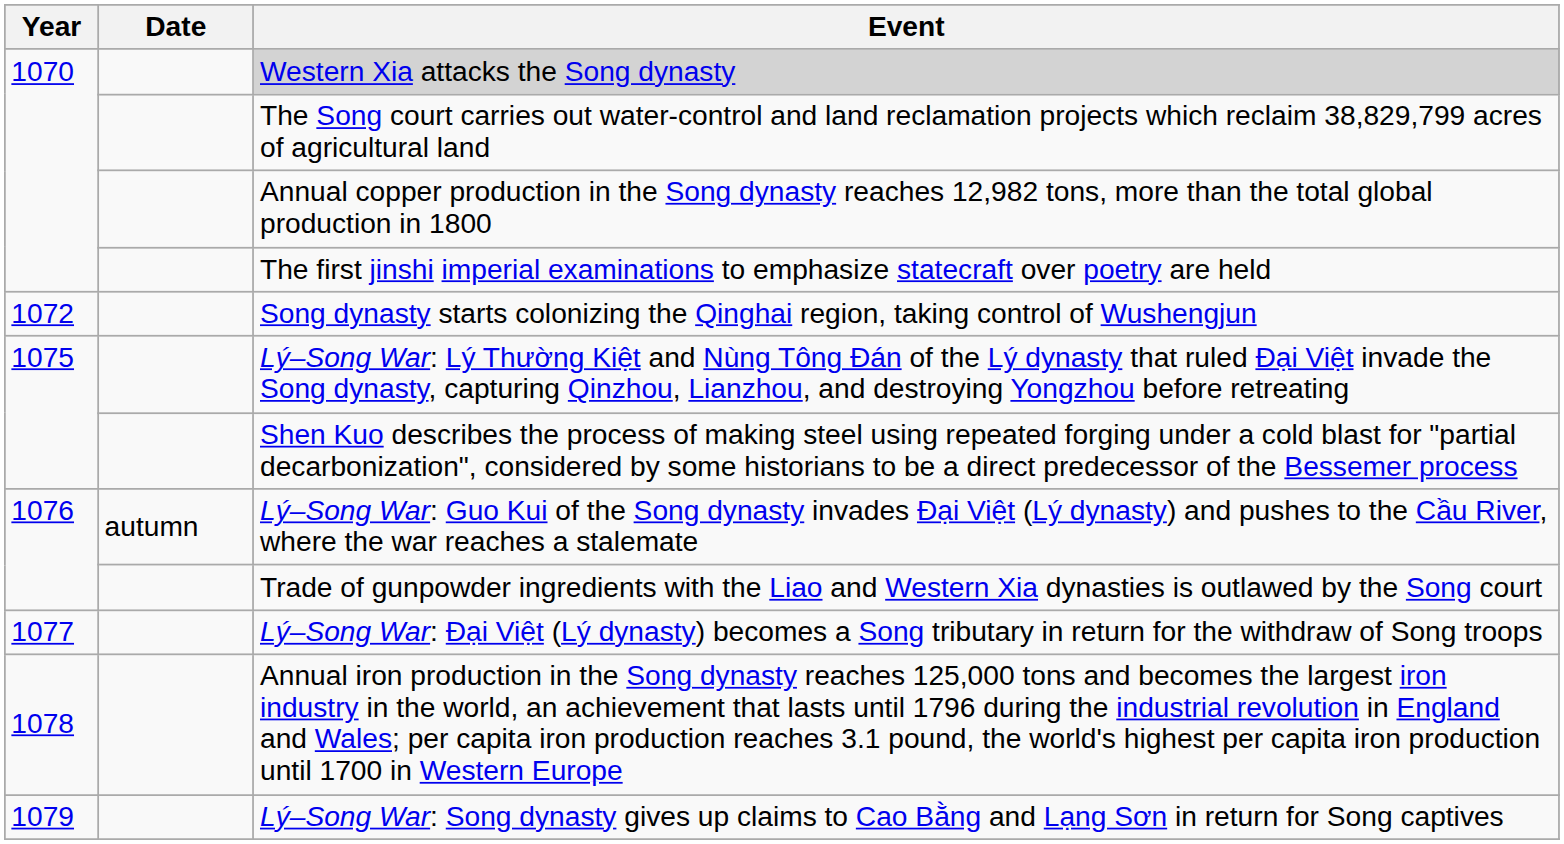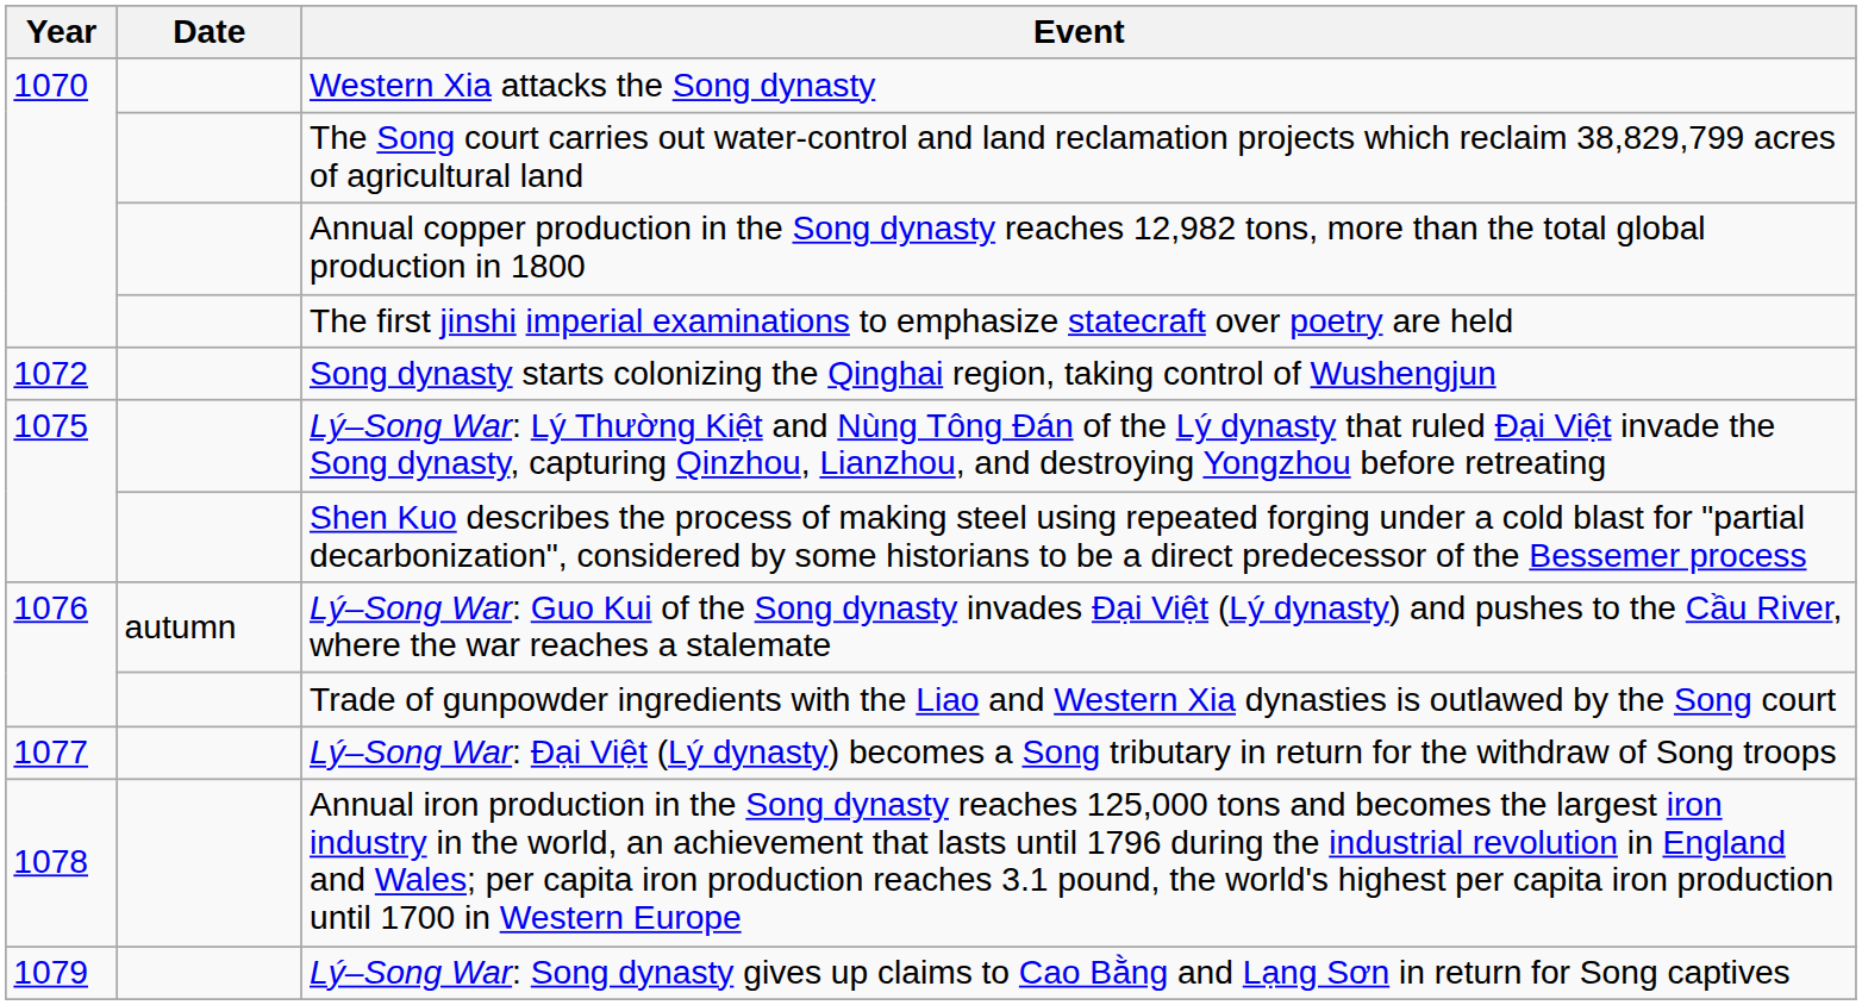 <table class="wikitable" width="100%">
 <tr>
 <th style="width:6%">Year</th>
 <th style="width:10%">Date</th>
 <th>Event</th>
 </tr>
 <tr>
 <td rowspan="4" valign="top"><a href='#'>1070</a></td>
 <td></td>
-<td style="background: lightgrey;"><a href='#'>Western Xia</a> attacks the <a href='#'>Song dynasty</a></td>
+<td><a href='#'>Western Xia</a> attacks the <a href='#'>Song dynasty</a></td>
 </tr>
 <tr>
 <td></td>
 <td>The <a href='#'>Song</a> court carries out water-control and land reclamation projects which reclaim 38,829,799 acres of agricultural land</td>
 </tr>
 <tr>
 <td></td>
 <td>Annual copper production in the <a href='#'>Song dynasty</a> reaches 12,982 tons, more than the total global production in 1800</td>
 </tr>
 <tr>
 <td></td>
 <td>The first <a href='#'>jinshi</a> <a href='#'>imperial examinations</a> to emphasize <a href='#'>statecraft</a> over <a href='#'>poetry</a> are held</td>
 </tr>
 <tr>
 <td><a href='#'>1072</a></td>
 <td></td>
 <td><a href='#'>Song dynasty</a> starts colonizing the <a href='#'>Qinghai</a> region, taking control of <a href='#'>Wushengjun</a></td>
 </tr>
 <tr>
 <td rowspan="2" valign="top"><a href='#'>1075</a></td>
 <td></td>
 <td><em><a href='#'>Lý–Song War</a></em>: <a href='#'>Lý Thường Kiệt</a> and <a href='#'>Nùng Tông Đán</a> of the <a href='#'>Lý dynasty</a> that ruled <a href='#'>Đại Việt</a> invade the <a href='#'>Song dynasty</a>, capturing <a href='#'>Qinzhou</a>, <a href='#'>Lianzhou</a>, and destroying <a href='#'>Yongzhou</a> before retreating</td>
 </tr>
 <tr>
 <td></td>
 <td><a href='#'>Shen Kuo</a> describes the process of making steel using repeated forging under a cold blast for "partial decarbonization", considered by some historians to be a direct predecessor of the <a href='#'>Bessemer process</a></td>
 </tr>
 <tr>
 <td rowspan="2" valign="top"><a href='#'>1076</a></td>
 <td>autumn</td>
 <td><em><a href='#'>Lý–Song War</a></em>: <a href='#'>Guo Kui</a> of the <a href='#'>Song dynasty</a> invades <a href='#'>Đại Việt</a> (<a href='#'>Lý dynasty</a>) and pushes to the <a href='#'>Cầu River</a>, where the war reaches a stalemate</td>
 </tr>
 <tr>
 <td></td>
 <td>Trade of gunpowder ingredients with the <a href='#'>Liao</a> and <a href='#'>Western Xia</a> dynasties is outlawed by the <a href='#'>Song</a> court</td>
 </tr>
 <tr>
 <td><a href='#'>1077</a></td>
 <td></td>
 <td><em><a href='#'>Lý–Song War</a></em>: <a href='#'>Đại Việt</a> (<a href='#'>Lý dynasty</a>) becomes a <a href='#'>Song</a> tributary in return for the withdraw of Song troops</td>
 </tr>
 <tr>
 <td><a href='#'>1078</a></td>
 <td></td>
 <td>Annual iron production in the <a href='#'>Song dynasty</a> reaches 125,000 tons and becomes the largest <a href='#'>iron industry</a> in the world, an achievement that lasts until 1796 during the <a href='#'>industrial revolution</a> in <a href='#'>England</a> and <a href='#'>Wales</a>; per capita iron production reaches 3.1 pound, the world's highest per capita iron production until 1700 in <a href='#'>Western Europe</a></td>
 </tr>
 <tr>
 <td><a href='#'>1079</a></td>
 <td></td>
 <td><em><a href='#'>Lý–Song War</a></em>: <a href='#'>Song dynasty</a> gives up claims to <a href='#'>Cao Bằng</a> and <a href='#'>Lạng Sơn</a> in return for Song captives</td>
 </tr>
 </table>
